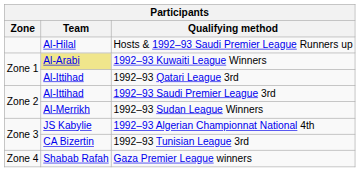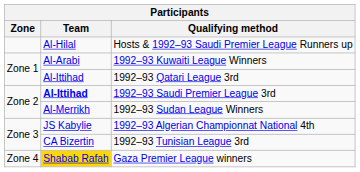 <table class="wikitable">
 <tr>
 <th colspan=4>Participants</th>
 </tr>
 <tr>
 <th>Zone</th>
 <th>Team</th>
 <th>Qualifying method</th>
 </tr>
 <tr>
 <td rowspan=1></td>
 <td> <a href='#'>Al-Hilal</a></td>
 <td>Hosts & <a href='#'>1992–93 Saudi Premier League</a> Runners up</td>
 </tr>
 <tr>
 <td rowspan=2>Zone 1</td>
-<td style="background: khaki;"> <a href='#'>Al-Arabi</a></td>
+<td> <a href='#'>Al-Arabi</a></td>
 <td><a href='#'>1992–93 Kuwaiti League</a> Winners</td>
 </tr>
 <tr>
 <td> <a href='#'>Al-Ittihad</a></td>
 <td>1992–93 <a href='#'>Qatari League</a> 3rd</td>
 </tr>
 <tr>
 <td rowspan=2>Zone 2</td>
-<td> <a href='#'>Al-Ittihad</a></td>
+<td><strong> <a href='#'>Al-Ittihad</a></strong></td>
 <td><a href='#'>1992–93 Saudi Premier League</a> 3rd</td>
 </tr>
 <tr>
 <td> <a href='#'>Al-Merrikh</a></td>
 <td>1992–93 <a href='#'>Sudan League</a> Winners</td>
 </tr>
 <tr>
 <td rowspan=2>Zone 3</td>
 <td> <a href='#'>JS Kabylie</a></td>
 <td><a href='#'>1992–93 Algerian Championnat National</a> 4th</td>
 </tr>
 <tr>
 <td> <a href='#'>CA Bizertin</a></td>
 <td>1992–93 <a href='#'>Tunisian League</a> 3rd</td>
 </tr>
 <tr>
 <td rowspan=1>Zone 4</td>
-<td> <a href='#'>Shabab Rafah</a></td>
+<td style="background: gold;"> <a href='#'>Shabab Rafah</a></td>
 <td><a href='#'>Gaza Premier League</a> winners</td>
 </tr>
 </table>
